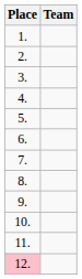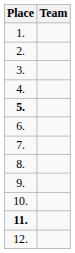 <table class="wikitable">
 <tr>
 <th>Place</th>
 <th>Team</th>
 </tr>
 <tr>
 <td align="center">1.</td>
 <td></td>
 </tr>
 <tr>
 <td align="center">2.</td>
 <td></td>
 </tr>
 <tr>
 <td align="center">3.</td>
 <td></td>
 </tr>
 <tr>
 <td align="center">4.</td>
 <td></td>
 </tr>
 <tr>
-<td align="center">5.</td>
+<td align="center"><strong>5.</strong></td>
 <td></td>
 </tr>
 <tr>
 <td align="center">6.</td>
 <td></td>
 </tr>
 <tr>
 <td align="center">7.</td>
 <td></td>
 </tr>
 <tr>
 <td align="center">8.</td>
 <td></td>
 </tr>
 <tr>
 <td align="center">9.</td>
 <td></td>
 </tr>
 <tr>
 <td align="center">10.</td>
 <td></td>
 </tr>
 <tr>
-<td align="center">11.</td>
+<td align="center"><strong>11.</strong></td>
 <td></td>
 </tr>
 <tr>
-<td align="center" style="background: pink;">12.</td>
+<td align="center">12.</td>
 <td></td>
 </tr>
 </table>
